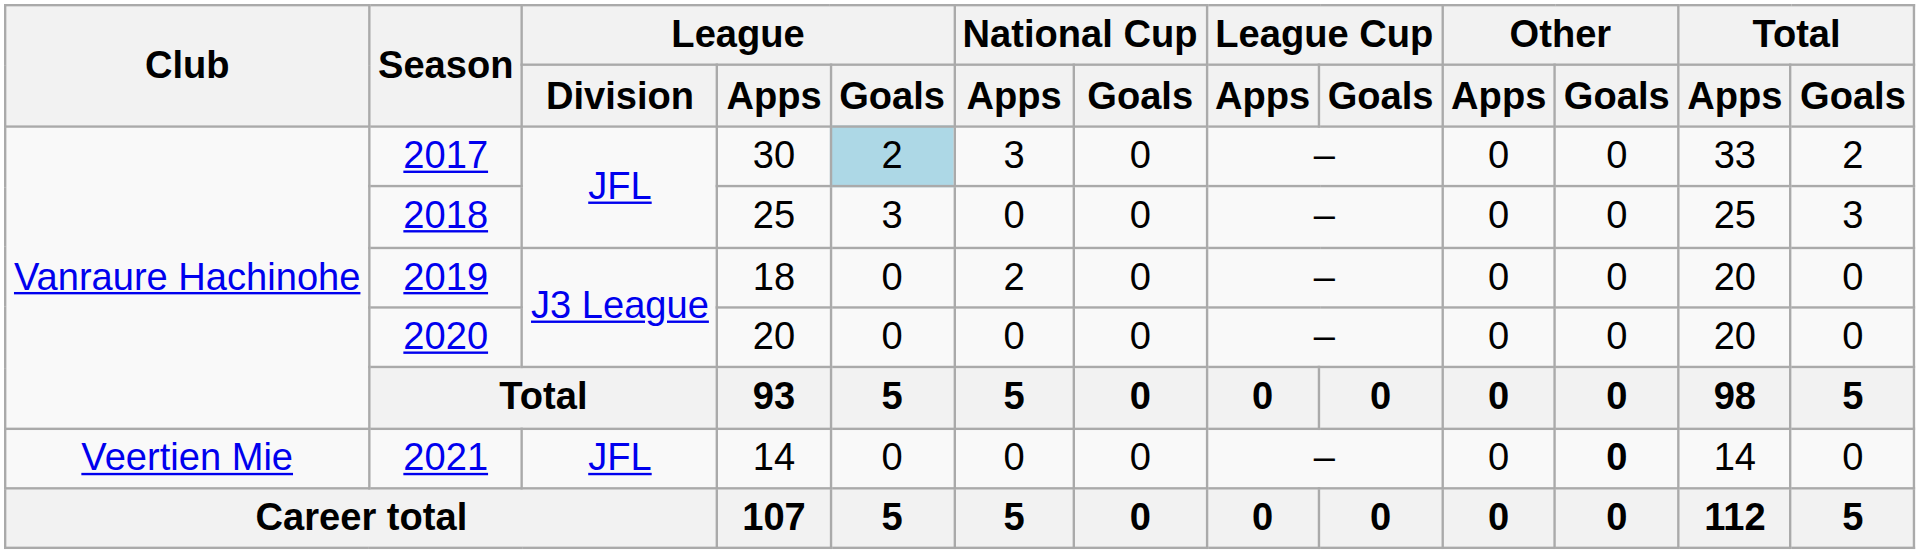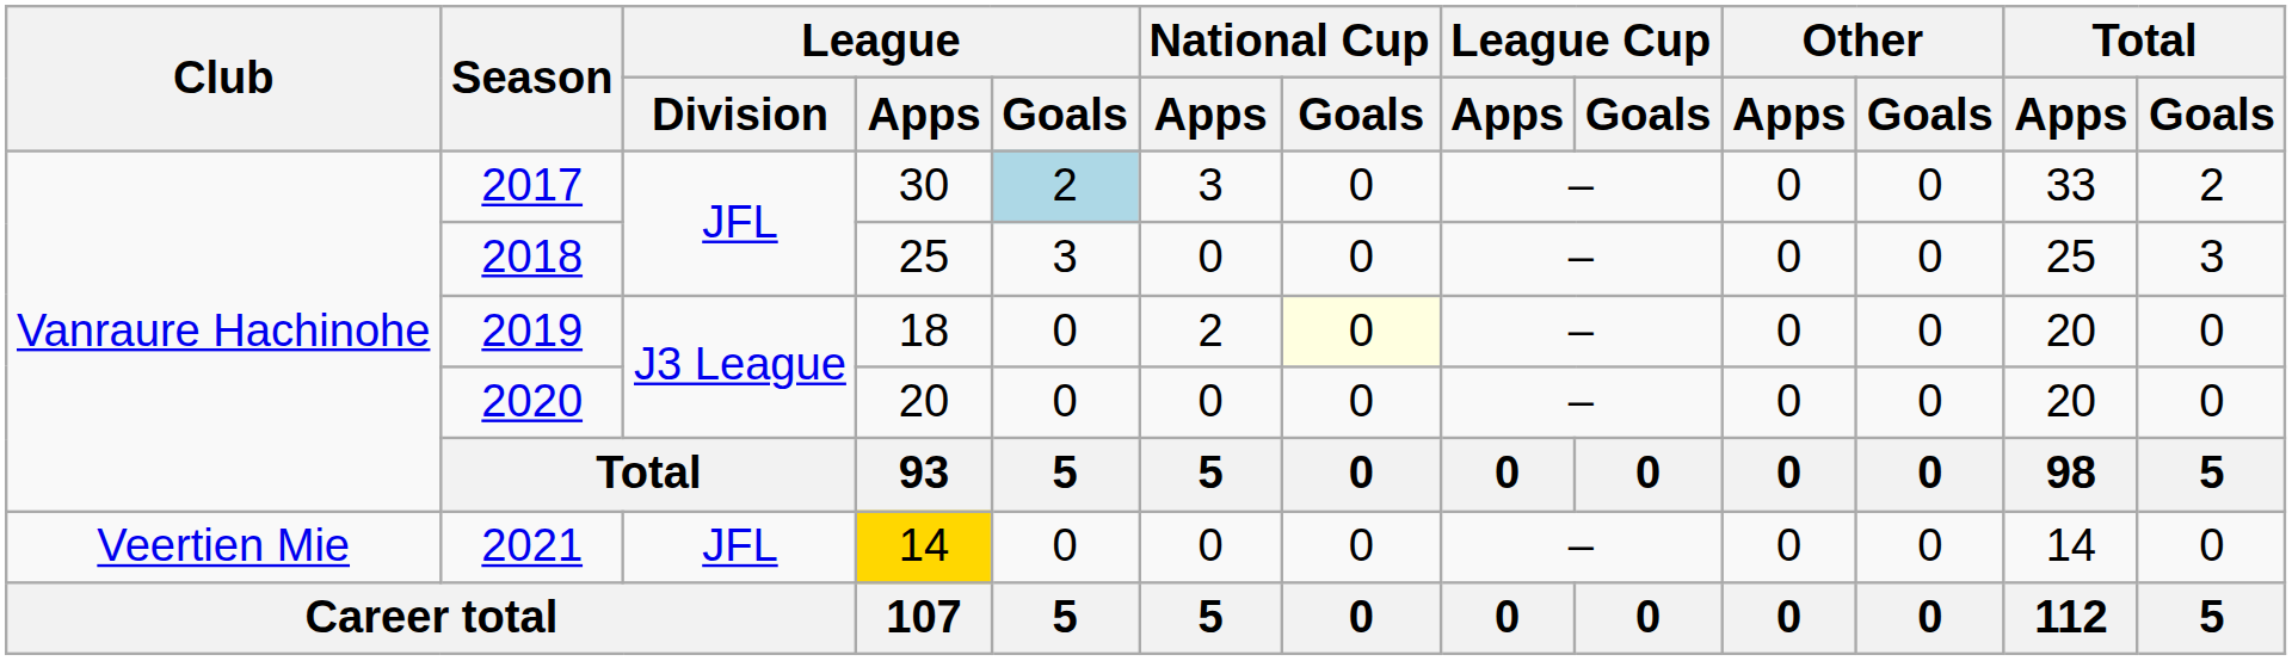 <table class="wikitable" style="text-align: center">
 <tr>
 <th rowspan="2">Club</th>
 <th rowspan="2">Season</th>
 <th colspan="3">League</th>
 <th colspan="2">National Cup</th>
 <th colspan="2">League Cup</th>
 <th colspan="2">Other</th>
 <th colspan="2">Total</th>
 </tr>
 <tr>
 <th>Division</th>
 <th>Apps</th>
 <th>Goals</th>
 <th>Apps</th>
 <th>Goals</th>
 <th>Apps</th>
 <th>Goals</th>
 <th>Apps</th>
 <th>Goals</th>
 <th>Apps</th>
 <th>Goals</th>
 </tr>
 <tr>
 <td rowspan="5"><a href='#'>Vanraure Hachinohe</a></td>
 <td><a href='#'>2017</a></td>
 <td rowspan="2"><a href='#'>JFL</a></td>
 <td>30</td>
 <td style="background: lightblue;">2</td>
 <td>3</td>
 <td>0</td>
 <td colspan="2">–</td>
 <td>0</td>
 <td>0</td>
 <td>33</td>
 <td>2</td>
 </tr>
 <tr>
 <td><a href='#'>2018</a></td>
 <td>25</td>
 <td>3</td>
 <td>0</td>
 <td>0</td>
 <td colspan="2">–</td>
 <td>0</td>
 <td>0</td>
 <td>25</td>
 <td>3</td>
 </tr>
 <tr>
 <td><a href='#'>2019</a></td>
 <td rowspan="2"><a href='#'>J3 League</a></td>
 <td>18</td>
 <td>0</td>
 <td>2</td>
-<td>0</td>
+<td style="background: lightyellow;">0</td>
 <td colspan="2">–</td>
 <td>0</td>
 <td>0</td>
 <td>20</td>
 <td>0</td>
 </tr>
 <tr>
 <td><a href='#'>2020</a></td>
 <td>20</td>
 <td>0</td>
 <td>0</td>
 <td>0</td>
 <td colspan="2">–</td>
 <td>0</td>
 <td>0</td>
 <td>20</td>
 <td>0</td>
 </tr>
 <tr>
 <th colspan=2>Total</th>
 <th>93</th>
 <th>5</th>
 <th>5</th>
 <th>0</th>
 <th>0</th>
 <th>0</th>
 <th>0</th>
 <th>0</th>
 <th>98</th>
 <th>5</th>
 </tr>
 <tr>
 <td><a href='#'>Veertien Mie</a></td>
 <td><a href='#'>2021</a></td>
 <td><a href='#'>JFL</a></td>
-<td>14</td>
+<td style="background: gold;">14</td>
 <td>0</td>
 <td>0</td>
 <td>0</td>
 <td colspan="2">–</td>
 <td>0</td>
-<td><strong>0</strong></td>
+<td>0</td>
 <td>14</td>
 <td>0</td>
 </tr>
 <tr>
 <th colspan=3>Career total</th>
 <th>107</th>
 <th>5</th>
 <th>5</th>
 <th>0</th>
 <th>0</th>
 <th>0</th>
 <th>0</th>
 <th>0</th>
 <th>112</th>
 <th>5</th>
 </tr>
 </table>
